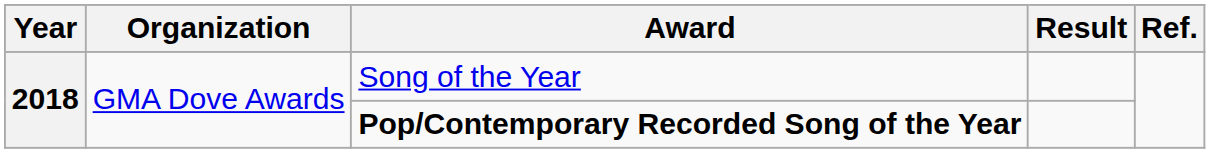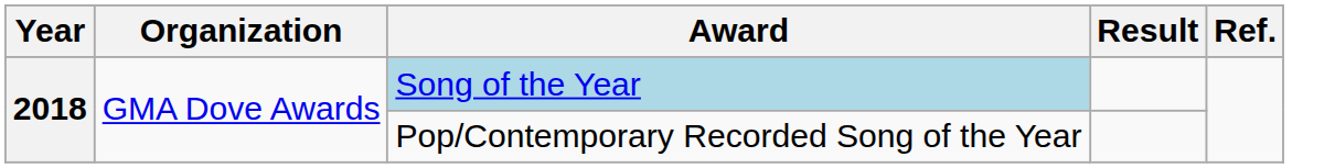 <table class="wikitable plainrowheaders">
 <tr>
 <th>Year</th>
 <th>Organization</th>
 <th>Award</th>
 <th>Result</th>
 <th>Ref.</th>
 </tr>
 <tr>
 <th scope="row" rowspan="2">2018</th>
 <td rowspan="2"><a href='#'>GMA Dove Awards</a></td>
-<td><a href='#'>Song of the Year</a></td>
+<td style="background: lightblue;"><a href='#'>Song of the Year</a></td>
 <td></td>
 <td rowspan="2" style="text-align:center;"></td>
 </tr>
 <tr>
-<td><strong>Pop/Contemporary Recorded Song of the Year</strong></td>
+<td>Pop/Contemporary Recorded Song of the Year</td>
 <td></td>
 </tr>
 </table>
